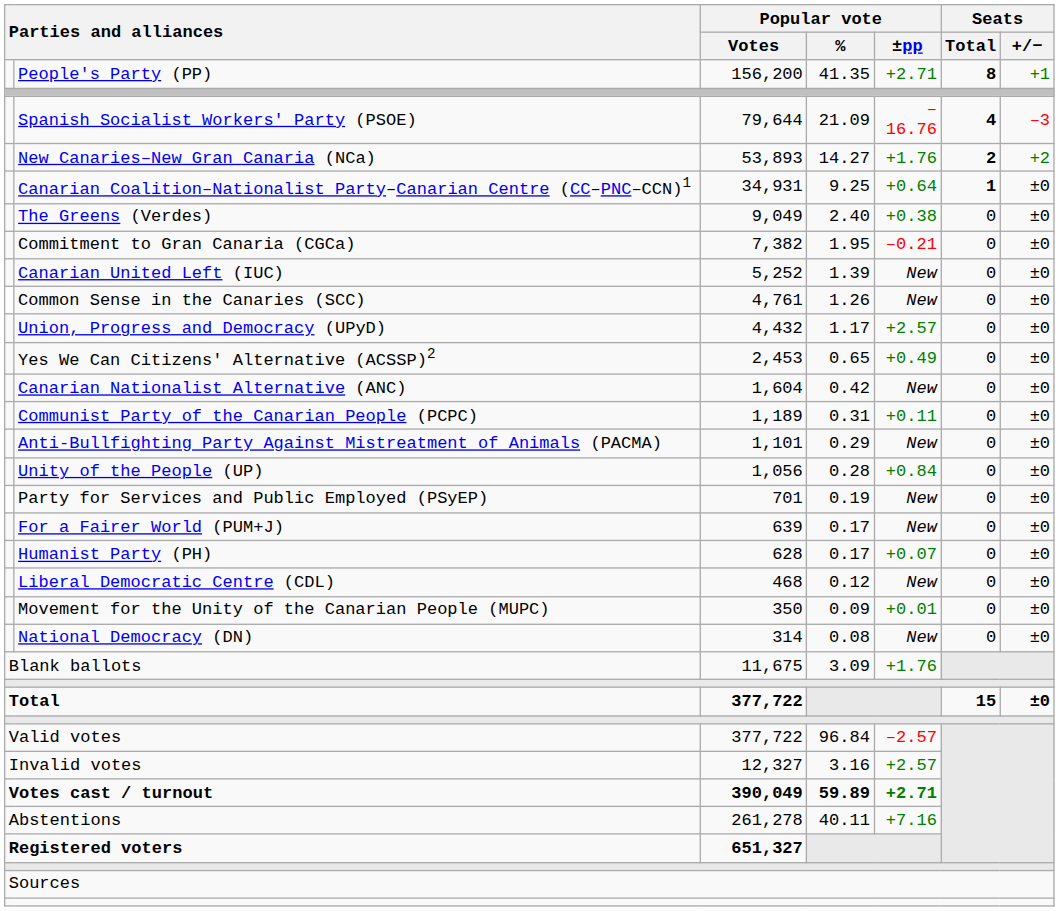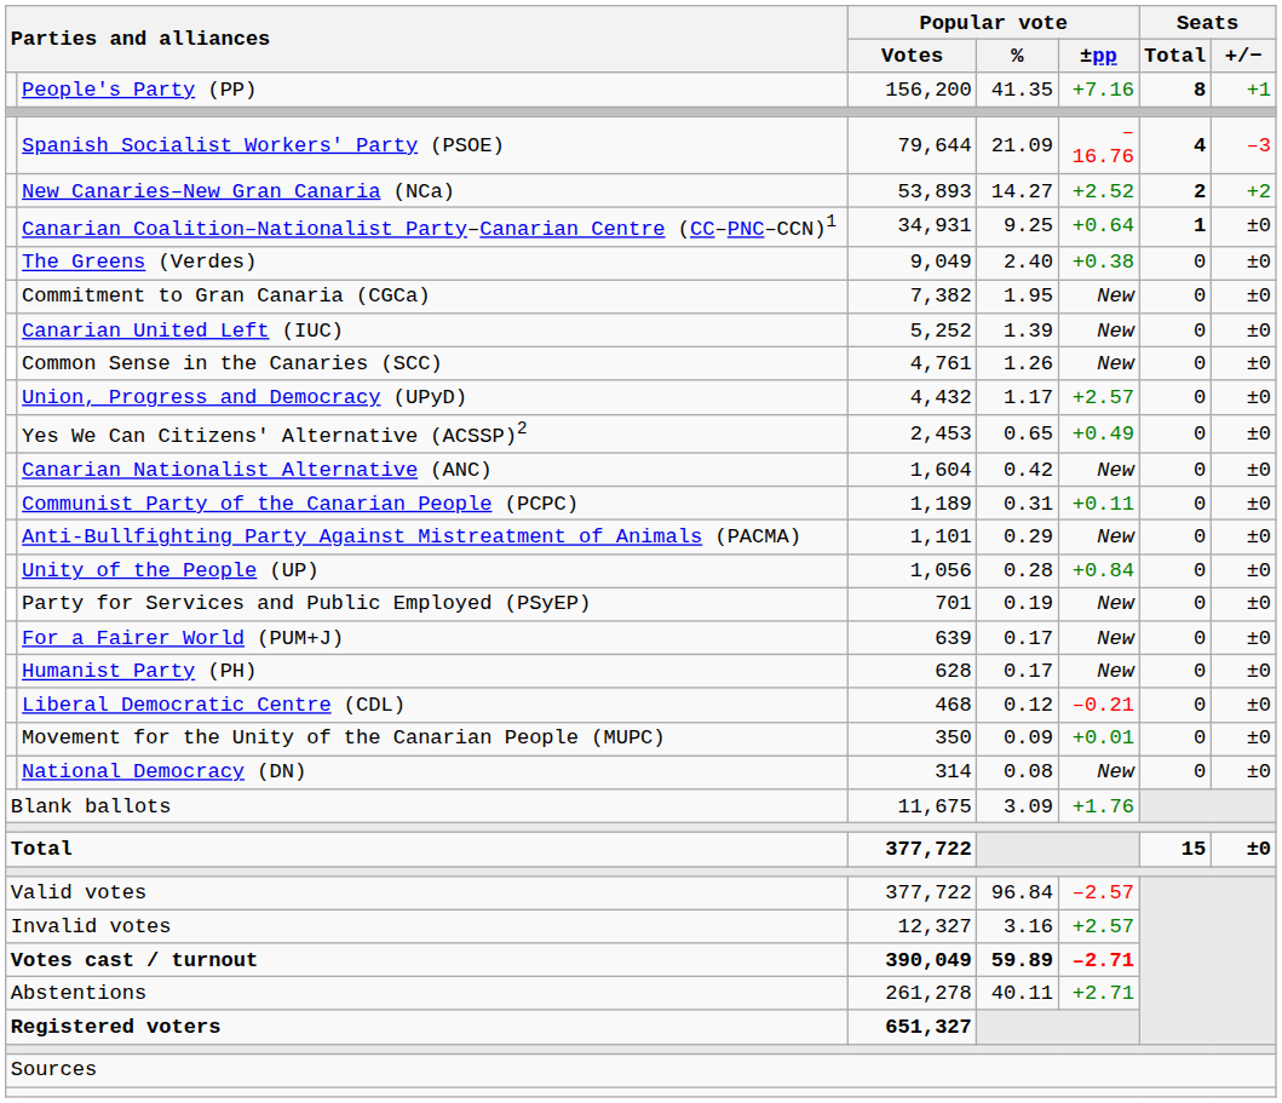 <table class="wikitable" style="text-align:right;">
 <tr>
 <th style="text-align:left;" rowspan="2" colspan="2" width="525">Parties and alliances</th>
 <th colspan="3">Popular vote</th>
 <th colspan="2">Seats</th>
 </tr>
 <tr>
 <th width="75">Votes</th>
 <th width="45">%</th>
 <th width="45">±<a href='#'>pp</a></th>
 <th width="35">Total</th>
 <th width="35">+/−</th>
 </tr>
 <tr>
 <td width="1" style="color:inherit;background:"></td>
 <td align="left"><a href='#'>People's Party</a> (PP)</td>
 <td>156,200</td>
 <td>41.35</td>
-<td style="color:green;">+2.71</td>
+<td style="color:green;">+7.16</td>
 <td><strong>8</strong></td>
 <td style="color:green;">+1</td>
 </tr>
 <tr>
 <td colspan="7" bgcolor="#C0C0C0"></td>
 </tr>
 <tr>
 <td style="color:inherit;background:"></td>
 <td align="left"><a href='#'>Spanish Socialist Workers' Party</a> (PSOE)</td>
 <td>79,644</td>
 <td>21.09</td>
 <td style="color:red;">–16.76</td>
 <td><strong>4</strong></td>
 <td style="color:red;">–3</td>
 </tr>
 <tr>
 <td style="color:inherit;background:"></td>
 <td align="left"><a href='#'>New Canaries–New Gran Canaria</a> (NCa)</td>
 <td>53,893</td>
 <td>14.27</td>
-<td style="color:green;">+1.76</td>
+<td style="color:green;">+2.52</td>
 <td><strong>2</strong></td>
 <td style="color:green;">+2</td>
 </tr>
 <tr>
 <td style="color:inherit;background:"></td>
 <td align="left"><a href='#'>Canarian Coalition–Nationalist Party</a>–<a href='#'>Canarian Centre</a> (<a href='#'>CC</a>–<a href='#'>PNC</a>–CCN)<sup>1</sup></td>
 <td>34,931</td>
 <td>9.25</td>
 <td style="color:green;">+0.64</td>
 <td><strong>1</strong></td>
 <td>±0</td>
 </tr>
 <tr>
 <td style="color:inherit;background:"></td>
 <td align="left"><a href='#'>The Greens</a> (Verdes)</td>
 <td>9,049</td>
 <td>2.40</td>
 <td style="color:green;">+0.38</td>
 <td>0</td>
 <td>±0</td>
 </tr>
 <tr>
 <td style="color:inherit;background:"></td>
 <td align="left">Commitment to Gran Canaria (CGCa)</td>
 <td>7,382</td>
 <td>1.95</td>
-<td style="color:red;">–0.21</td>
+<td><em>New</em></td>
 <td>0</td>
 <td>±0</td>
 </tr>
 <tr>
 <td style="color:inherit;background:"></td>
 <td align="left"><a href='#'>Canarian United Left</a> (IUC)</td>
 <td>5,252</td>
 <td>1.39</td>
 <td><em>New</em></td>
 <td>0</td>
 <td>±0</td>
 </tr>
 <tr>
 <td bgcolor="white"></td>
 <td align="left">Common Sense in the Canaries (SCC)</td>
 <td>4,761</td>
 <td>1.26</td>
 <td><em>New</em></td>
 <td>0</td>
 <td>±0</td>
 </tr>
 <tr>
 <td style="color:inherit;background:"></td>
 <td align="left"><a href='#'>Union, Progress and Democracy</a> (UPyD)</td>
 <td>4,432</td>
 <td>1.17</td>
 <td style="color:green;">+2.57</td>
 <td>0</td>
 <td>±0</td>
 </tr>
 <tr>
 <td style="color:inherit;background:"></td>
 <td align="left">Yes We Can Citizens' Alternative (ACSSP)<sup>2</sup></td>
 <td>2,453</td>
 <td>0.65</td>
 <td style="color:green;">+0.49</td>
 <td>0</td>
 <td>±0</td>
 </tr>
 <tr>
 <td style="color:inherit;background:"></td>
 <td align="left"><a href='#'>Canarian Nationalist Alternative</a> (ANC)</td>
 <td>1,604</td>
 <td>0.42</td>
 <td><em>New</em></td>
 <td>0</td>
 <td>±0</td>
 </tr>
 <tr>
 <td style="color:inherit;background:"></td>
 <td align="left"><a href='#'>Communist Party of the Canarian People</a> (PCPC)</td>
 <td>1,189</td>
 <td>0.31</td>
 <td style="color:green;">+0.11</td>
 <td>0</td>
 <td>±0</td>
 </tr>
 <tr>
 <td style="color:inherit;background:"></td>
 <td align="left"><a href='#'>Anti-Bullfighting Party Against Mistreatment of Animals</a> (PACMA)</td>
 <td>1,101</td>
 <td>0.29</td>
 <td><em>New</em></td>
 <td>0</td>
 <td>±0</td>
 </tr>
 <tr>
 <td style="color:inherit;background:"></td>
 <td align="left"><a href='#'>Unity of the People</a> (UP)</td>
 <td>1,056</td>
 <td>0.28</td>
 <td style="color:green;">+0.84</td>
 <td>0</td>
 <td>±0</td>
 </tr>
 <tr>
 <td bgcolor="white"></td>
 <td align="left">Party for Services and Public Employed (PSyEP)</td>
 <td>701</td>
 <td>0.19</td>
 <td><em>New</em></td>
 <td>0</td>
 <td>±0</td>
 </tr>
 <tr>
 <td style="color:inherit;background:"></td>
 <td align="left"><a href='#'>For a Fairer World</a> (PUM+J)</td>
 <td>639</td>
 <td>0.17</td>
 <td><em>New</em></td>
 <td>0</td>
 <td>±0</td>
 </tr>
 <tr>
 <td style="color:inherit;background:"></td>
 <td align="left"><a href='#'>Humanist Party</a> (PH)</td>
 <td>628</td>
 <td>0.17</td>
-<td style="color:green;">+0.07</td>
+<td><em>New</em></td>
 <td>0</td>
 <td>±0</td>
 </tr>
 <tr>
 <td style="color:inherit;background:"></td>
 <td align="left"><a href='#'>Liberal Democratic Centre</a> (CDL)</td>
 <td>468</td>
 <td>0.12</td>
-<td><em>New</em></td>
+<td style="color:red;">–0.21</td>
 <td>0</td>
 <td>±0</td>
 </tr>
 <tr>
 <td style="color:inherit;background:"></td>
 <td align="left">Movement for the Unity of the Canarian People (MUPC)</td>
 <td>350</td>
 <td>0.09</td>
 <td style="color:green;">+0.01</td>
 <td>0</td>
 <td>±0</td>
 </tr>
 <tr>
 <td style="color:inherit;background:"></td>
 <td align="left"><a href='#'>National Democracy</a> (DN)</td>
 <td>314</td>
 <td>0.08</td>
 <td><em>New</em></td>
 <td>0</td>
 <td>±0</td>
 </tr>
 <tr>
 <td align="left" colspan="2">Blank ballots</td>
 <td>11,675</td>
 <td>3.09</td>
 <td style="color:green;">+1.76</td>
 <td bgcolor="#E9E9E9" colspan="2"></td>
 </tr>
 <tr>
 <td colspan="7" bgcolor="#E9E9E9"></td>
 </tr>
 <tr style="font-weight:bold;">
 <td align="left" colspan="2">Total</td>
 <td>377,722</td>
 <td bgcolor="#E9E9E9" colspan="2"></td>
 <td>15</td>
 <td>±0</td>
 </tr>
 <tr>
 <td colspan="7" bgcolor="#E9E9E9"></td>
 </tr>
 <tr>
 <td align="left" colspan="2">Valid votes</td>
 <td>377,722</td>
 <td>96.84</td>
 <td style="color:red;">–2.57</td>
 <td bgcolor="#E9E9E9" colspan="2" rowspan="5"></td>
 </tr>
 <tr>
 <td align="left" colspan="2">Invalid votes</td>
 <td>12,327</td>
 <td>3.16</td>
 <td style="color:green;">+2.57</td>
 </tr>
 <tr style="font-weight:bold;">
 <td align="left" colspan="2">Votes cast / turnout</td>
 <td>390,049</td>
 <td>59.89</td>
-<td style="color:green;">+2.71</td>
+<td style="color:red;">–2.71</td>
 </tr>
 <tr>
 <td align="left" colspan="2">Abstentions</td>
 <td>261,278</td>
 <td>40.11</td>
-<td style="color:green;">+7.16</td>
+<td style="color:green;">+2.71</td>
 </tr>
 <tr style="font-weight:bold;">
 <td align="left" colspan="2">Registered voters</td>
 <td>651,327</td>
 <td bgcolor="#E9E9E9" colspan="2"></td>
 </tr>
 <tr>
 <td colspan="7" bgcolor="#E9E9E9"></td>
 </tr>
 <tr>
 <td align="left" colspan="7">Sources</td>
 </tr>
 <tr>
 <td colspan="7" style="text-align:left; max-width:790px;"></td>
 </tr>
 </table>
